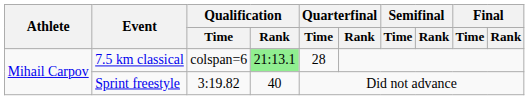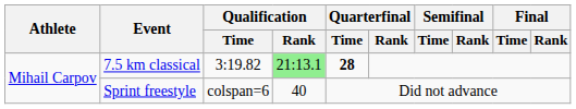 <table class="wikitable" style="font-size:90%">
 <tr>
 <th rowspan="2">Athlete</th>
 <th rowspan="2">Event</th>
 <th colspan="2">Qualification</th>
 <th colspan="2">Quarterfinal</th>
 <th colspan="2">Semifinal</th>
 <th colspan="2">Final</th>
 </tr>
 <tr style="font-size:95%">
 <th>Time</th>
 <th>Rank</th>
 <th>Time</th>
 <th>Rank</th>
 <th>Time</th>
 <th>Rank</th>
 <th>Time</th>
 <th>Rank</th>
 </tr>
 <tr align=center>
 <td align=left rowspan=2><a href='#'>Mihail Carpov</a></td>
 <td align=left><a href='#'>7.5 km classical</a></td>
-<td>colspan=6</td>
+<td>3:19.82</td>
 <td style="background: lightgreen;">21:13.1</td>
-<td>28</td>
+<td><strong>28</strong></td>
 </tr>
 <tr align=center>
 <td align=left><a href='#'>Sprint freestyle</a></td>
-<td>3:19.82</td>
+<td>colspan=6</td>
 <td>40</td>
 <td colspan=6>Did not advance</td>
 </tr>
 </table>
